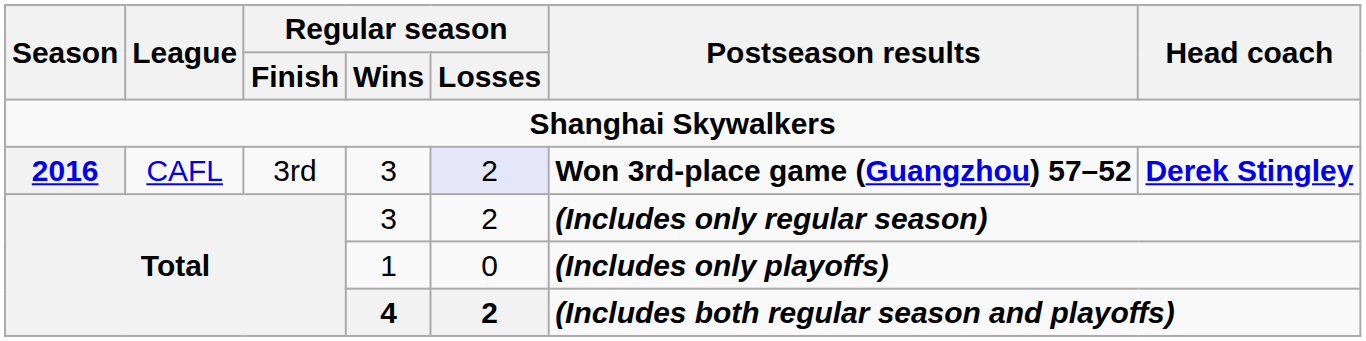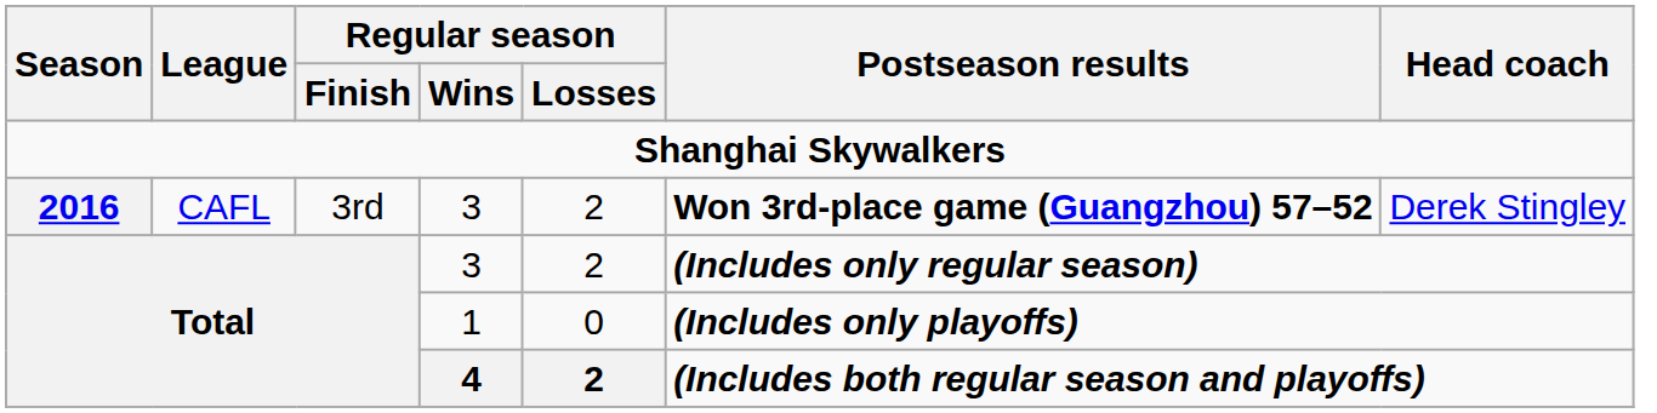 <table class="wikitable" style="font-size: 95%">
 <tr>
 <th rowspan="2">Season</th>
 <th rowspan="2">League</th>
 <th colspan="3">Regular season</th>
 <th rowspan="2">Postseason results</th>
 <th rowspan="2">Head coach</th>
 </tr>
 <tr>
 <th>Finish</th>
 <th>Wins</th>
 <th>Losses</th>
 </tr>
 <tr>
 <td align="center" colspan="12"><strong>Shanghai Skywalkers</strong></td>
 </tr>
 <tr>
 <th align="center"><a href='#'>2016</a></th>
 <td align="center"><a href='#'>CAFL</a></td>
 <td align="center">3rd</td>
 <td align="center">3</td>
-<td align="center" style="background: lavender;">2</td>
+<td align="center">2</td>
 <td><strong>Won 3rd-place game (<a href='#'>Guangzhou</a>) 57–52</strong></td>
-<td><strong><a href='#'>Derek Stingley</a></strong></td>
+<td><a href='#'>Derek Stingley</a></td>
 </tr>
 <tr>
 <th align="center" rowSpan="3" colSpan="3">Total</th>
 <td align="center">3</td>
 <td align="center">2</td>
 <td colSpan="3"><strong><em>(Includes only regular season)</em></strong></td>
 </tr>
 <tr>
 <td align="center">1</td>
 <td align="center">0</td>
 <td colSpan="3"><strong><em>(Includes only playoffs)</em></strong></td>
 </tr>
 <tr>
 <th align="center">4</th>
 <th align="center">2</th>
 <td colSpan="3"><strong><em>(Includes both regular season and playoffs)</em></strong></td>
 </tr>
 </table>
